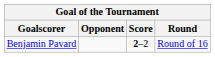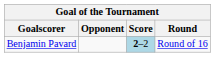 <table class="wikitable" style="text-align:center">
 <tr>
 <th colspan="4">Goal of the Tournament</th>
 </tr>
 <tr>
 <th>Goalscorer</th>
 <th>Opponent</th>
 <th>Score</th>
 <th>Round</th>
 </tr>
 <tr>
 <td> <a href='#'>Benjamin Pavard</a></td>
 <td></td>
-<td><strong>2</strong>–2</td>
+<td style="background: lightblue;"><strong>2</strong>–2</td>
 <td><a href='#'>Round of 16</a></td>
 </tr>
 </table>
